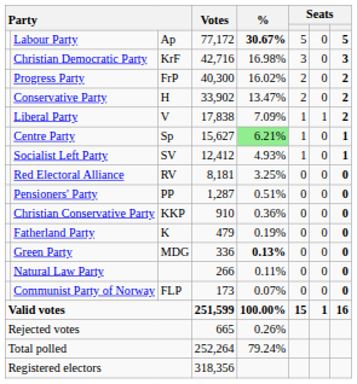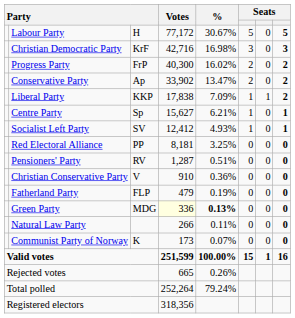 <table class="wikitable" border="1" style="text-align:right;">
 <tr>
 <th style="text-align:left;" valign=bottom rowspan=2 colspan=3>Party</th>
 <th align=center valign=bottom rowspan=2 width="50">Votes</th>
 <th align=center valign=bottom rowspan=2 width="50">%</th>
 <th colspan=3>Seats</th>
 </tr>
 <tr>
 <th align=center valign=bottom width="20"><small></small></th>
 <th align=center valign=bottom width="20"><small><a href='#'></a></small></th>
 <th align=center valign=bottom width="20"><small></small></th>
 </tr>
 <tr>
 <td style="color:inherit;background:"></td>
 <td align=left><a href='#'>Labour Party</a></td>
-<td align=left>Ap</td>
+<td align=left>H</td>
 <td>77,172</td>
-<td><strong>30.67%</strong></td>
+<td>30.67%</td>
 <td>5</td>
 <td>0</td>
 <td><strong>5</strong></td>
 </tr>
 <tr>
 <td style="color:inherit;background:"></td>
 <td align=left><a href='#'>Christian Democratic Party</a></td>
 <td align=left>KrF</td>
 <td>42,716</td>
 <td>16.98%</td>
 <td>3</td>
 <td>0</td>
 <td><strong>3</strong></td>
 </tr>
 <tr>
 <td style="color:inherit;background:"></td>
 <td align=left><a href='#'>Progress Party</a></td>
 <td align=left>FrP</td>
 <td>40,300</td>
 <td>16.02%</td>
 <td>2</td>
 <td>0</td>
 <td><strong>2</strong></td>
 </tr>
 <tr>
 <td style="color:inherit;background:"></td>
 <td align=left><a href='#'>Conservative Party</a></td>
-<td align=left>H</td>
+<td align=left>Ap</td>
 <td>33,902</td>
 <td>13.47%</td>
 <td>2</td>
 <td>0</td>
 <td><strong>2</strong></td>
 </tr>
 <tr>
 <td style="color:inherit;background:"></td>
 <td align=left><a href='#'>Liberal Party</a></td>
-<td align=left>V</td>
+<td align=left>KKP</td>
 <td>17,838</td>
 <td>7.09%</td>
 <td>1</td>
 <td>1</td>
 <td><strong>2</strong></td>
 </tr>
 <tr>
 <td style="color:inherit;background:"></td>
 <td align=left><a href='#'>Centre Party</a></td>
 <td align=left>Sp</td>
 <td>15,627</td>
-<td style="background: lightgreen;">6.21%</td>
+<td>6.21%</td>
 <td>1</td>
 <td>0</td>
 <td><strong>1</strong></td>
 </tr>
 <tr>
 <td style="color:inherit;background:"></td>
 <td align=left><a href='#'>Socialist Left Party</a></td>
 <td align=left>SV</td>
 <td>12,412</td>
 <td>4.93%</td>
 <td>1</td>
 <td>0</td>
 <td><strong>1</strong></td>
 </tr>
 <tr>
 <td style="color:inherit;background:"></td>
 <td align=left><a href='#'>Red Electoral Alliance</a></td>
-<td align=left>RV</td>
+<td align=left>PP</td>
 <td>8,181</td>
 <td>3.25%</td>
 <td>0</td>
 <td>0</td>
 <td><strong>0</strong></td>
 </tr>
 <tr>
 <td style="color:inherit;background:"></td>
 <td align=left><a href='#'>Pensioners' Party</a></td>
-<td align=left>PP</td>
+<td align=left>RV</td>
 <td>1,287</td>
 <td>0.51%</td>
 <td>0</td>
 <td>0</td>
 <td><strong>0</strong></td>
 </tr>
 <tr>
 <td style="color:inherit;background:"></td>
 <td align=left><a href='#'>Christian Conservative Party</a></td>
-<td align=left>KKP</td>
+<td align=left>V</td>
 <td>910</td>
 <td>0.36%</td>
 <td>0</td>
 <td>0</td>
 <td><strong>0</strong></td>
 </tr>
 <tr>
 <td style="color:inherit;background:"></td>
 <td align=left><a href='#'>Fatherland Party</a></td>
-<td align=left>K</td>
+<td align=left>FLP</td>
 <td>479</td>
 <td>0.19%</td>
 <td>0</td>
 <td>0</td>
 <td><strong>0</strong></td>
 </tr>
 <tr>
 <td style="color:inherit;background:"></td>
 <td align=left><a href='#'>Green Party</a></td>
 <td align=left>MDG</td>
-<td>336</td>
+<td style="background: lightyellow;">336</td>
 <td><strong>0.13%</strong></td>
 <td>0</td>
 <td>0</td>
 <td><strong>0</strong></td>
 </tr>
 <tr>
 <td></td>
 <td align=left><a href='#'>Natural Law Party</a></td>
 <td align=left></td>
 <td>266</td>
 <td>0.11%</td>
 <td>0</td>
 <td>0</td>
 <td><strong>0</strong></td>
 </tr>
 <tr>
 <td style="color:inherit;background:"></td>
 <td align=left><a href='#'>Communist Party of Norway</a></td>
-<td align=left>FLP</td>
+<td align=left>K</td>
 <td>173</td>
 <td>0.07%</td>
 <td>0</td>
 <td>0</td>
 <td><strong>0</strong></td>
 </tr>
 <tr style="font-weight:bold">
 <td align=left colspan=3>Valid votes</td>
 <td>251,599</td>
 <td>100.00%</td>
 <td>15</td>
 <td>1</td>
 <td>16</td>
 </tr>
 <tr>
 <td align=left colspan=3>Rejected votes</td>
 <td>665</td>
 <td>0.26%</td>
 <td></td>
 <td></td>
 <td></td>
 </tr>
 <tr>
 <td align=left colspan=3>Total polled</td>
 <td>252,264</td>
 <td>79.24%</td>
 <td></td>
 <td></td>
 <td></td>
 </tr>
 <tr>
 <td align=left colspan=3>Registered electors</td>
 <td>318,356</td>
 <td></td>
 <td></td>
 <td></td>
 <td></td>
 </tr>
 </table>
